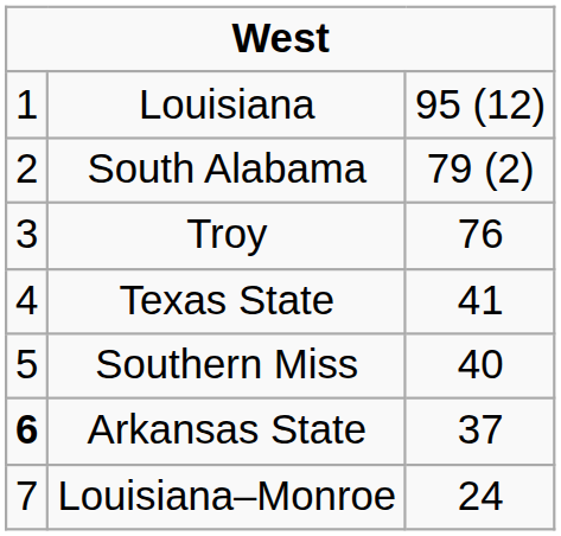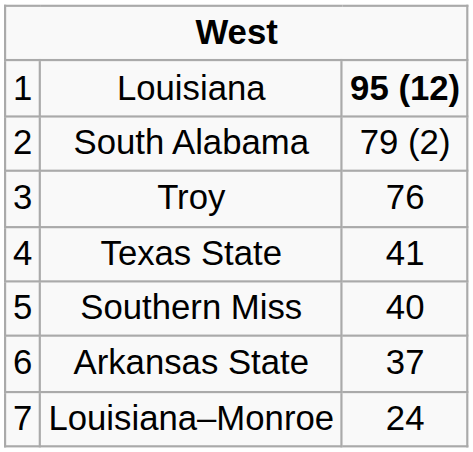 <table class="wikitable" style="display: inline-table;">
 <tr align="center">
 <td align="center" Colspan="3"><strong>West</strong><br></td>
 </tr>
 <tr align="center">
 <td>1</td>
 <td>Louisiana</td>
-<td>95 (12)</td>
+<td><strong>95 (12)</strong></td>
 </tr>
 <tr align="center">
 <td>2</td>
 <td>South Alabama</td>
 <td>79 (2)</td>
 </tr>
 <tr align="center">
 <td>3</td>
 <td>Troy</td>
 <td>76</td>
 </tr>
 <tr align="center">
 <td>4</td>
 <td>Texas State</td>
 <td>41</td>
 </tr>
 <tr align="center">
 <td>5</td>
 <td>Southern Miss</td>
 <td>40</td>
 </tr>
 <tr align="center">
-<td><strong>6</strong></td>
+<td>6</td>
 <td>Arkansas State</td>
 <td>37</td>
 </tr>
 <tr align="center">
 <td>7</td>
 <td>Louisiana–Monroe</td>
 <td>24</td>
 </tr>
 </table>
